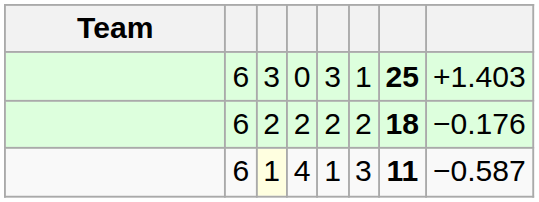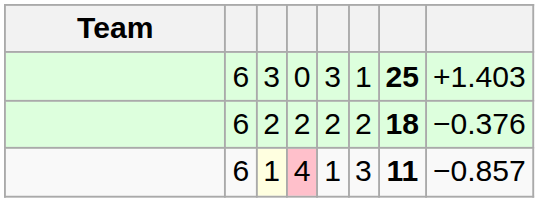 <table class="wikitable" style="text-align:center;">
 <tr>
 <th width="110">Team</th>
 <th></th>
 <th></th>
 <th></th>
 <th></th>
 <th></th>
 <th></th>
 <th><a href='#'></a></th>
 </tr>
 <tr bgcolor="#ddffdd">
 <td align=left></td>
 <td>6</td>
 <td>3</td>
 <td>0</td>
 <td>3</td>
 <td>1</td>
 <td><strong>25</strong></td>
 <td>+1.403</td>
 </tr>
 <tr bgcolor="#ddffdd">
 <td align=left></td>
 <td>6</td>
 <td>2</td>
 <td>2</td>
 <td>2</td>
 <td>2</td>
 <td><strong>18</strong></td>
-<td>−0.176</td>
+<td>−0.376</td>
 </tr>
 <tr>
 <td align=left></td>
 <td>6</td>
 <td style="background: lightyellow;">1</td>
-<td>4</td>
+<td style="background: pink;">4</td>
 <td>1</td>
 <td>3</td>
 <td><strong>11</strong></td>
-<td>−0.587</td>
+<td>−0.857</td>
 </tr>
 </table>
